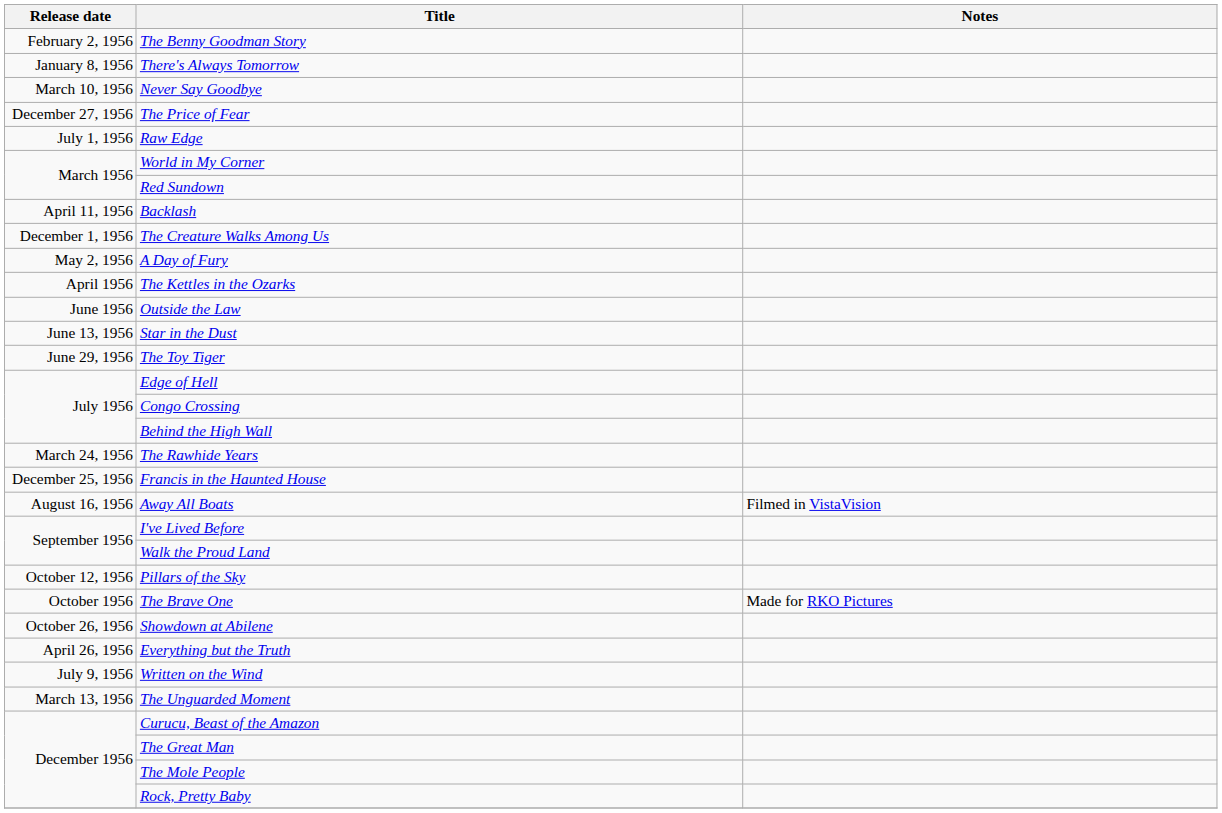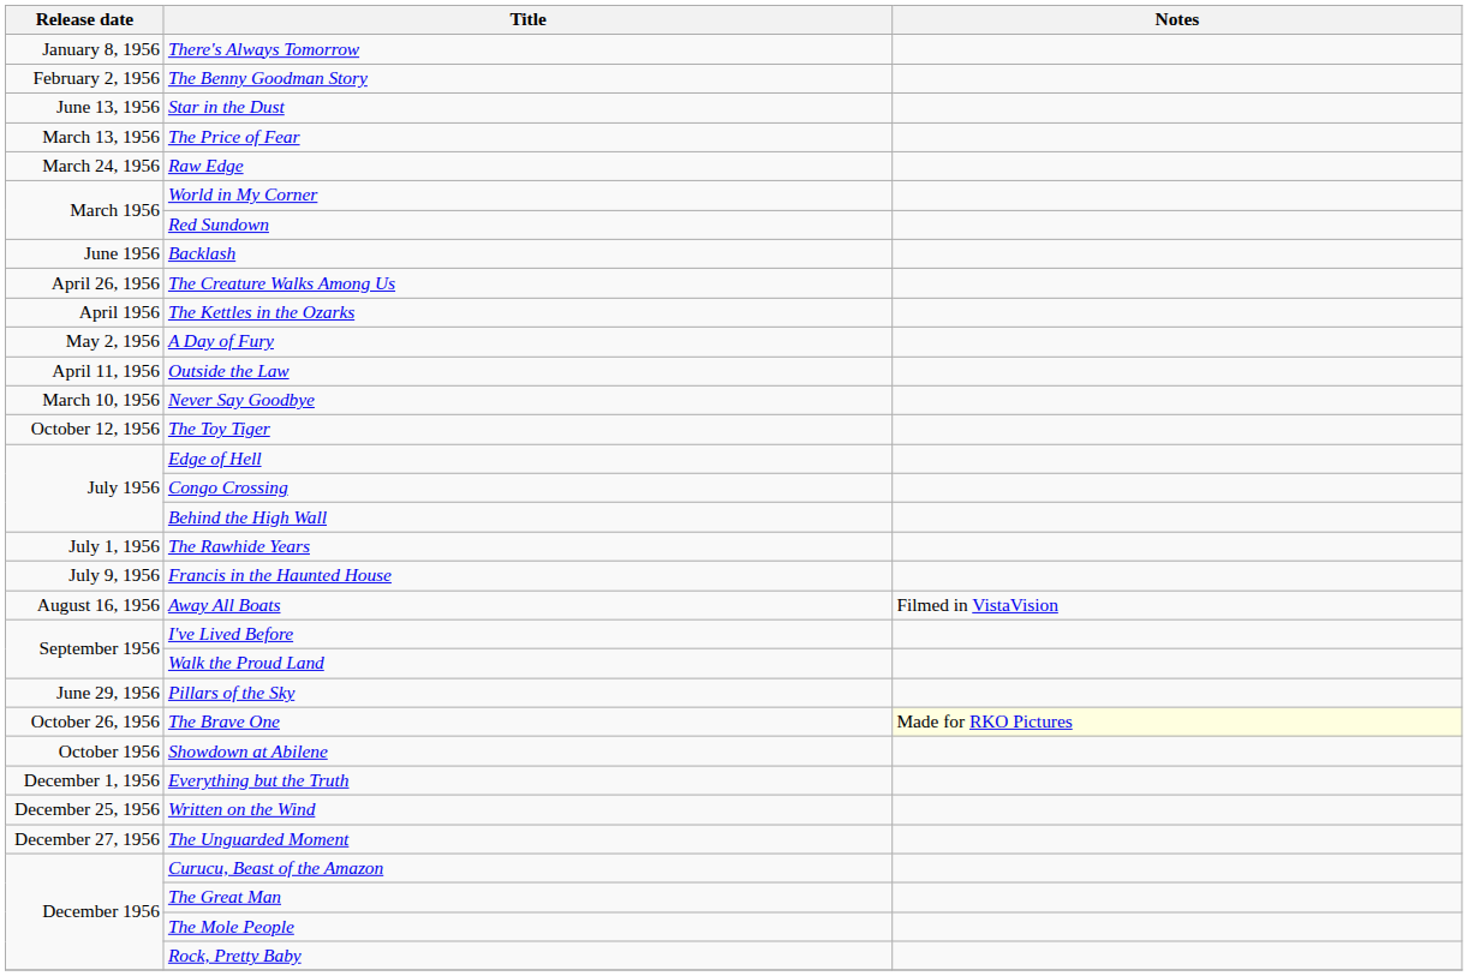 <table class="wikitable sortable" style="width:100%;">
 <tr>
 <th scope="col" style="width:130px;">Release date</th>
 <th>Title</th>
 <th>Notes</th>
 </tr>
 <tr>
+<td style="text-align:right;">January 8, 1956</td>
+<td><em><a href='#'>There's Always Tomorrow</a></em></td>
+<td></td>
+</tr>
+<tr>
 <td style="text-align:right;">February 2, 1956</td>
 <td><em><a href='#'>The Benny Goodman Story</a></em></td>
 <td></td>
 </tr>
 <tr>
-<td style="text-align:right;">January 8, 1956</td>
-<td><em><a href='#'>There's Always Tomorrow</a></em></td>
+<td style="text-align:right;">June 13, 1956</td>
+<td><em><a href='#'>Star in the Dust</a></em></td>
 <td></td>
 </tr>
 <tr>
-<td style="text-align:right;">March 10, 1956</td>
-<td><em><a href='#'>Never Say Goodbye</a></em></td>
-<td></td>
-</tr>
-<tr>
-<td style="text-align:right;">December 27, 1956</td>
+<td style="text-align:right;">March 13, 1956</td>
 <td><em><a href='#'>The Price of Fear</a></em></td>
 <td></td>
 </tr>
 <tr>
-<td style="text-align:right;">July 1, 1956</td>
+<td style="text-align:right;">March 24, 1956</td>
 <td><em><a href='#'>Raw Edge</a></em></td>
 <td></td>
 </tr>
 <tr>
 <td style="text-align:right;" rowspan="2">March 1956</td>
 <td><em><a href='#'>World in My Corner</a></em></td>
 <td></td>
 </tr>
 <tr>
 <td><em><a href='#'>Red Sundown</a></em></td>
 <td></td>
 </tr>
 <tr>
-<td style="text-align:right;">April 11, 1956</td>
+<td style="text-align:right;">June 1956</td>
 <td><em><a href='#'>Backlash</a></em></td>
 <td></td>
 </tr>
 <tr>
-<td style="text-align:right;">December 1, 1956</td>
+<td style="text-align:right;">April 26, 1956</td>
 <td><em><a href='#'>The Creature Walks Among Us</a></em></td>
+<td></td>
+</tr>
+<tr>
+<td style="text-align:right;">April 1956</td>
+<td><em><a href='#'>The Kettles in the Ozarks</a></em></td>
 <td></td>
 </tr>
 <tr>
 <td style="text-align:right;">May 2, 1956</td>
 <td><em><a href='#'>A Day of Fury</a></em></td>
 <td></td>
 </tr>
 <tr>
-<td style="text-align:right;">April 1956</td>
-<td><em><a href='#'>The Kettles in the Ozarks</a></em></td>
-<td></td>
-</tr>
-<tr>
-<td style="text-align:right;">June 1956</td>
+<td style="text-align:right;">April 11, 1956</td>
 <td><em><a href='#'>Outside the Law</a></em></td>
 <td></td>
 </tr>
 <tr>
-<td style="text-align:right;">June 13, 1956</td>
-<td><em><a href='#'>Star in the Dust</a></em></td>
+<td style="text-align:right;">March 10, 1956</td>
+<td><em><a href='#'>Never Say Goodbye</a></em></td>
 <td></td>
 </tr>
 <tr>
-<td style="text-align:right;">June 29, 1956</td>
+<td style="text-align:right;">October 12, 1956</td>
 <td><em><a href='#'>The Toy Tiger</a></em></td>
 <td></td>
 </tr>
 <tr>
 <td style="text-align:right;" rowspan="3">July 1956</td>
 <td><em><a href='#'>Edge of Hell</a></em></td>
 <td></td>
 </tr>
 <tr>
 <td><em><a href='#'>Congo Crossing</a></em></td>
 <td></td>
 </tr>
 <tr>
 <td><em><a href='#'>Behind the High Wall</a></em></td>
 <td></td>
 </tr>
 <tr>
-<td style="text-align:right;">March 24, 1956</td>
+<td style="text-align:right;">July 1, 1956</td>
 <td><em><a href='#'>The Rawhide Years</a></em></td>
 <td></td>
 </tr>
 <tr>
-<td style="text-align:right;">December 25, 1956</td>
+<td style="text-align:right;">July 9, 1956</td>
 <td><em><a href='#'>Francis in the Haunted House</a></em></td>
 <td></td>
 </tr>
 <tr>
 <td style="text-align:right;">August 16, 1956</td>
 <td><em><a href='#'>Away All Boats</a></em></td>
 <td>Filmed in <a href='#'>VistaVision</a></td>
 </tr>
 <tr>
 <td style="text-align:right;" rowspan="2">September 1956</td>
 <td><em><a href='#'>I've Lived Before</a></em></td>
 <td></td>
 </tr>
 <tr>
 <td><em><a href='#'>Walk the Proud Land</a></em></td>
 <td></td>
 </tr>
 <tr>
-<td style="text-align:right;">October 12, 1956</td>
+<td style="text-align:right;">June 29, 1956</td>
 <td><em><a href='#'>Pillars of the Sky</a></em></td>
 <td></td>
 </tr>
 <tr>
-<td style="text-align:right;">October 1956</td>
+<td style="text-align:right;">October 26, 1956</td>
 <td><em><a href='#'>The Brave One</a></em></td>
-<td>Made for <a href='#'>RKO Pictures</a></td>
+<td style="background: lightyellow;">Made for <a href='#'>RKO Pictures</a></td>
 </tr>
 <tr>
-<td style="text-align:right;">October 26, 1956</td>
+<td style="text-align:right;">October 1956</td>
 <td><em><a href='#'>Showdown at Abilene</a></em></td>
 <td></td>
 </tr>
 <tr>
-<td style="text-align:right;">April 26, 1956</td>
+<td style="text-align:right;">December 1, 1956</td>
 <td><em><a href='#'>Everything but the Truth</a></em></td>
 <td></td>
 </tr>
 <tr>
-<td style="text-align:right;">July 9, 1956</td>
+<td style="text-align:right;">December 25, 1956</td>
 <td><em><a href='#'>Written on the Wind</a></em></td>
 <td></td>
 </tr>
 <tr>
-<td style="text-align:right;">March 13, 1956</td>
+<td style="text-align:right;">December 27, 1956</td>
 <td><em><a href='#'>The Unguarded Moment</a></em></td>
 <td></td>
 </tr>
 <tr>
 <td style="text-align:right;" rowspan="4">December 1956</td>
 <td><em><a href='#'>Curucu, Beast of the Amazon</a></em></td>
 <td></td>
 </tr>
 <tr>
 <td><em><a href='#'>The Great Man</a></em></td>
 <td></td>
 </tr>
 <tr>
 <td><em><a href='#'>The Mole People</a></em></td>
 <td></td>
 </tr>
 <tr>
 <td><em><a href='#'>Rock, Pretty Baby</a></em></td>
 <td></td>
 </tr>
 <tr>
 </tr>
 </table>
